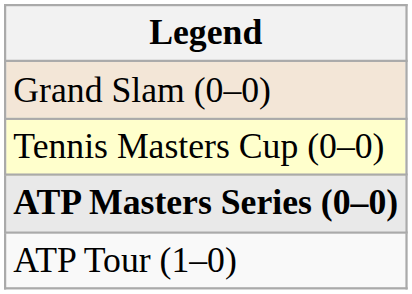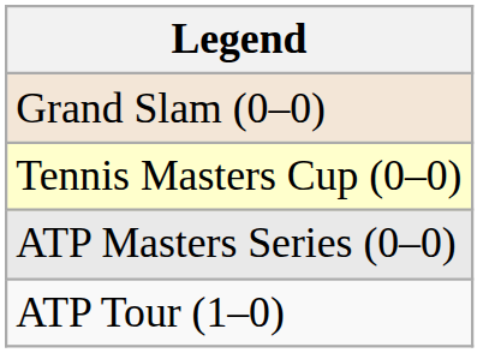 <table class="wikitable sortable mw-collapsible mw-collapsed">
 <tr>
 <th>Legend</th>
 </tr>
 <tr bgcolor=f3e6d7>
 <td>Grand Slam (0–0)</td>
 </tr>
 <tr bgcolor=ffffcc>
 <td>Tennis Masters Cup (0–0)</td>
 </tr>
 <tr bgcolor=e9e9e9>
-<td><strong>ATP Masters Series (0–0)</strong></td>
+<td>ATP Masters Series (0–0)</td>
 </tr>
 <tr>
 <td>ATP Tour (1–0)</td>
 </tr>
 </table>
